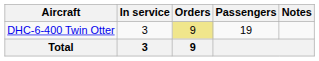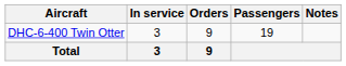 <table class="wikitable" style="margin:1em auto; border-collapse:collapse;text-align:center">
 <tr>
 <th>Aircraft</th>
 <th>In service</th>
 <th>Orders</th>
 <th>Passengers</th>
 <th>Notes</th>
 </tr>
 <tr>
 <td><a href='#'>DHC-6-400 Twin Otter</a></td>
 <td>3</td>
-<td style="background: khaki;">9</td>
+<td>9</td>
 <td>19</td>
 <td></td>
 </tr>
 <tr>
 <th>Total</th>
 <th>3</th>
 <th>9</th>
 <th colspan=2></th>
 </tr>
 </table>
